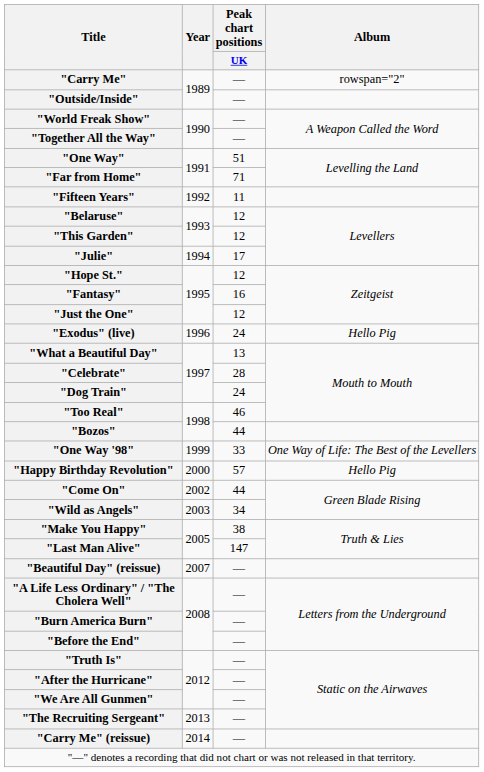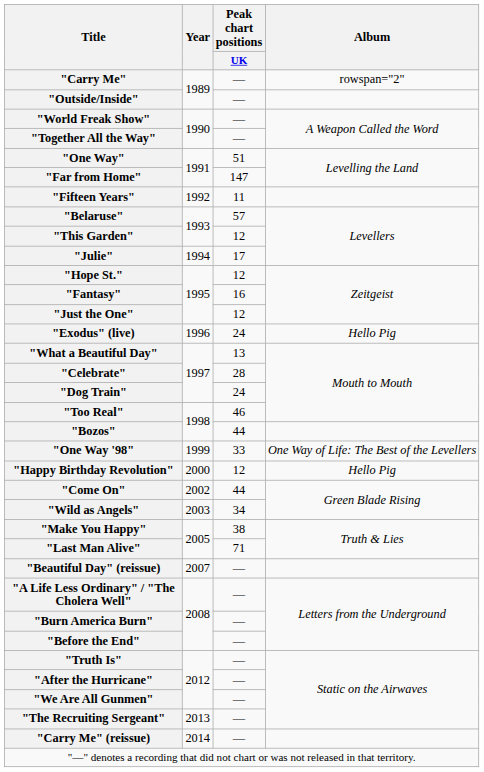 <table class="wikitable plainrowheaders" style="text-align:center;">
 <tr>
 <th scope="col" rowspan="2" style="width:14em;">Title</th>
 <th scope="col" rowspan="2">Year</th>
 <th scope="col" colspan="1">Peak chart positions</th>
 <th scope="col" rowspan="2">Album</th>
 </tr>
 <tr>
 <th scope="col" style="width:2.5em;font-size:90%;"><a href='#'>UK</a><br></th>
 </tr>
 <tr>
 <th scope="row">"Carry Me"</th>
 <td rowspan="2">1989</td>
 <td>—</td>
 <td>rowspan="2" </td>
 </tr>
 <tr>
 <th scope="row">"Outside/Inside"</th>
 <td>—</td>
 </tr>
 <tr>
 <th scope="row">"World Freak Show"</th>
 <td rowspan="2">1990</td>
 <td>—</td>
 <td rowspan="2"><em>A Weapon Called the Word</em></td>
 </tr>
 <tr>
 <th scope="row">"Together All the Way"</th>
 <td>—</td>
 </tr>
 <tr>
 <th scope="row">"One Way"</th>
 <td rowspan="2">1991</td>
 <td>51</td>
 <td rowspan="2"><em>Levelling the Land</em></td>
 </tr>
 <tr>
 <th scope="row">"Far from Home"</th>
-<td>71</td>
+<td>147</td>
 </tr>
 <tr>
 <th scope="row">"Fifteen Years"</th>
 <td>1992</td>
 <td>11</td>
 <td></td>
 </tr>
 <tr>
 <th scope="row">"Belaruse"</th>
 <td rowspan="2">1993</td>
-<td>12</td>
+<td>57</td>
 <td rowspan="3"><em>Levellers</em></td>
 </tr>
 <tr>
 <th scope="row">"This Garden"</th>
 <td>12</td>
 </tr>
 <tr>
 <th scope="row">"Julie"</th>
 <td>1994</td>
 <td>17</td>
 </tr>
 <tr>
 <th scope="row">"Hope St."</th>
 <td rowspan="3">1995</td>
 <td>12</td>
 <td rowspan="3"><em>Zeitgeist</em></td>
 </tr>
 <tr>
 <th scope="row">"Fantasy"</th>
 <td>16</td>
 </tr>
 <tr>
 <th scope="row">"Just the One"</th>
 <td>12</td>
 </tr>
 <tr>
 <th scope="row">"Exodus" (live)</th>
 <td>1996</td>
 <td>24</td>
 <td><em>Hello Pig</em></td>
 </tr>
 <tr>
 <th scope="row">"What a Beautiful Day"</th>
 <td rowspan="3">1997</td>
 <td>13</td>
 <td rowspan="4"><em>Mouth to Mouth</em></td>
 </tr>
 <tr>
 <th scope="row">"Celebrate"</th>
 <td>28</td>
 </tr>
 <tr>
 <th scope="row">"Dog Train"</th>
 <td>24</td>
 </tr>
 <tr>
 <th scope="row">"Too Real"</th>
 <td rowspan="2">1998</td>
 <td>46</td>
 </tr>
 <tr>
 <th scope="row">"Bozos"</th>
 <td>44</td>
 <td></td>
 </tr>
 <tr>
 <th scope="row">"One Way '98"</th>
 <td>1999</td>
 <td>33</td>
 <td><em>One Way of Life: The Best of the Levellers</em></td>
 </tr>
 <tr>
 <th scope="row">"Happy Birthday Revolution"</th>
 <td>2000</td>
-<td>57</td>
+<td>12</td>
 <td><em>Hello Pig</em></td>
 </tr>
 <tr>
 <th scope="row">"Come On"</th>
 <td>2002</td>
 <td>44</td>
 <td rowspan="2"><em>Green Blade Rising</em></td>
 </tr>
 <tr>
 <th scope="row">"Wild as Angels"</th>
 <td>2003</td>
 <td>34</td>
 </tr>
 <tr>
 <th scope="row">"Make You Happy"</th>
 <td rowspan="2">2005</td>
 <td>38</td>
 <td rowspan="2"><em>Truth & Lies</em></td>
 </tr>
 <tr>
 <th scope="row">"Last Man Alive"</th>
-<td>147</td>
+<td>71</td>
 </tr>
 <tr>
 <th scope="row">"Beautiful Day" (reissue)</th>
 <td>2007</td>
 <td>—</td>
 <td></td>
 </tr>
 <tr>
 <th scope="row">"A Life Less Ordinary" / "The Cholera Well"</th>
 <td rowspan="3">2008</td>
 <td>—</td>
 <td rowspan="3"><em>Letters from the Underground</em></td>
 </tr>
 <tr>
 <th scope="row">"Burn America Burn"</th>
 <td>—</td>
 </tr>
 <tr>
 <th scope="row">"Before the End"</th>
 <td>—</td>
 </tr>
 <tr>
 <th scope="row">"Truth Is"</th>
 <td rowspan="3">2012</td>
 <td>—</td>
 <td rowspan="4"><em>Static on the Airwaves</em></td>
 </tr>
 <tr>
 <th scope="row">"After the Hurricane"</th>
 <td>—</td>
 </tr>
 <tr>
 <th scope="row">"We Are All Gunmen"</th>
 <td>—</td>
 </tr>
 <tr>
 <th scope="row">"The Recruiting Sergeant"</th>
 <td>2013</td>
 <td>—</td>
 </tr>
 <tr>
 <th scope="row">"Carry Me" (reissue)</th>
 <td>2014</td>
 <td>—</td>
 <td></td>
 </tr>
 <tr>
 <td colspan="14" style="font-size:90%">"—" denotes a recording that did not chart or was not released in that territory.</td>
 </tr>
 </table>
